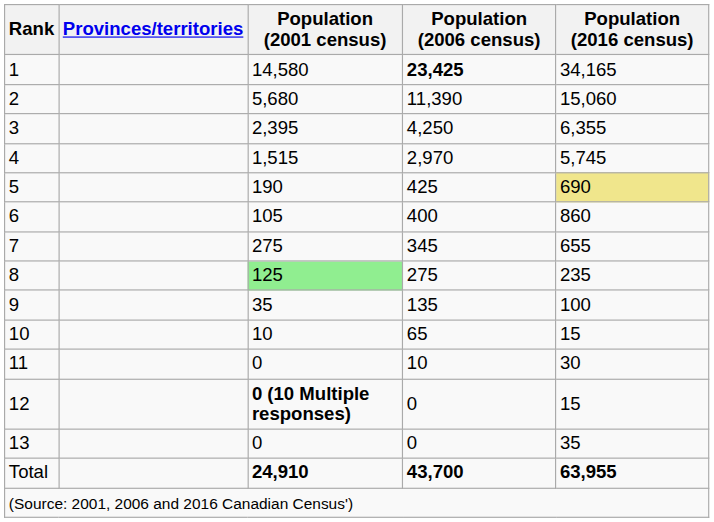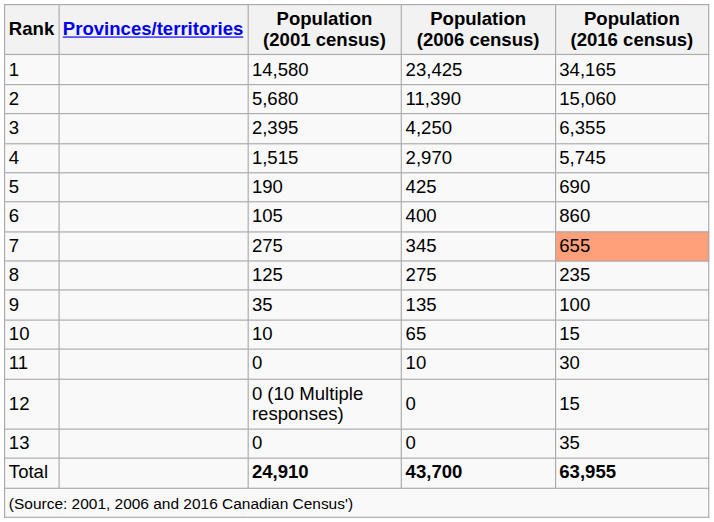 <table class="wikitable">
 <tr>
 <th>Rank</th>
 <th><a href='#'>Provinces/territories</a></th>
 <th>Population (2001 census)</th>
 <th>Population (2006 census)</th>
 <th>Population (2016 census)</th>
 </tr>
 <tr>
 <td>1</td>
 <td></td>
 <td>14,580</td>
-<td><strong>23,425</strong></td>
+<td>23,425</td>
 <td>34,165</td>
 </tr>
 <tr>
 <td>2</td>
 <td></td>
 <td>5,680</td>
 <td>11,390</td>
 <td>15,060</td>
 </tr>
 <tr>
 <td>3</td>
 <td></td>
 <td>2,395</td>
 <td>4,250</td>
 <td>6,355</td>
 </tr>
 <tr>
 <td>4</td>
 <td></td>
 <td>1,515</td>
 <td>2,970</td>
 <td>5,745</td>
 </tr>
 <tr>
 <td>5</td>
 <td></td>
 <td>190</td>
 <td>425</td>
-<td style="background: khaki;">690</td>
+<td>690</td>
 </tr>
 <tr>
 <td>6</td>
 <td></td>
 <td>105</td>
 <td>400</td>
 <td>860</td>
 </tr>
 <tr>
 <td>7</td>
 <td></td>
 <td>275</td>
 <td>345</td>
-<td>655</td>
+<td style="background: lightsalmon;">655</td>
 </tr>
 <tr>
 <td>8</td>
 <td></td>
-<td style="background: lightgreen;">125</td>
+<td>125</td>
 <td>275</td>
 <td>235</td>
 </tr>
 <tr>
 <td>9</td>
 <td></td>
 <td>35</td>
 <td>135</td>
 <td>100</td>
 </tr>
 <tr>
 <td>10</td>
 <td></td>
 <td>10</td>
 <td>65</td>
 <td>15</td>
 </tr>
 <tr>
 <td>11</td>
 <td></td>
 <td>0</td>
 <td>10</td>
 <td>30</td>
 </tr>
 <tr>
 <td>12</td>
 <td></td>
-<td><strong>0 (10 Multiple responses)</strong></td>
+<td>0 (10 Multiple responses)</td>
 <td>0</td>
 <td>15</td>
 </tr>
 <tr>
 <td>13</td>
 <td></td>
 <td>0</td>
 <td>0</td>
 <td>35</td>
 </tr>
 <tr>
 <td>Total</td>
 <td><strong></strong></td>
 <td><strong>24,910</strong></td>
 <td><strong>43,700</strong></td>
 <td><strong>63,955</strong></td>
 </tr>
 <tr>
 <td colspan=5><small>(Source: 2001, 2006 and 2016 Canadian Census')</small></td>
 </tr>
 </table>
